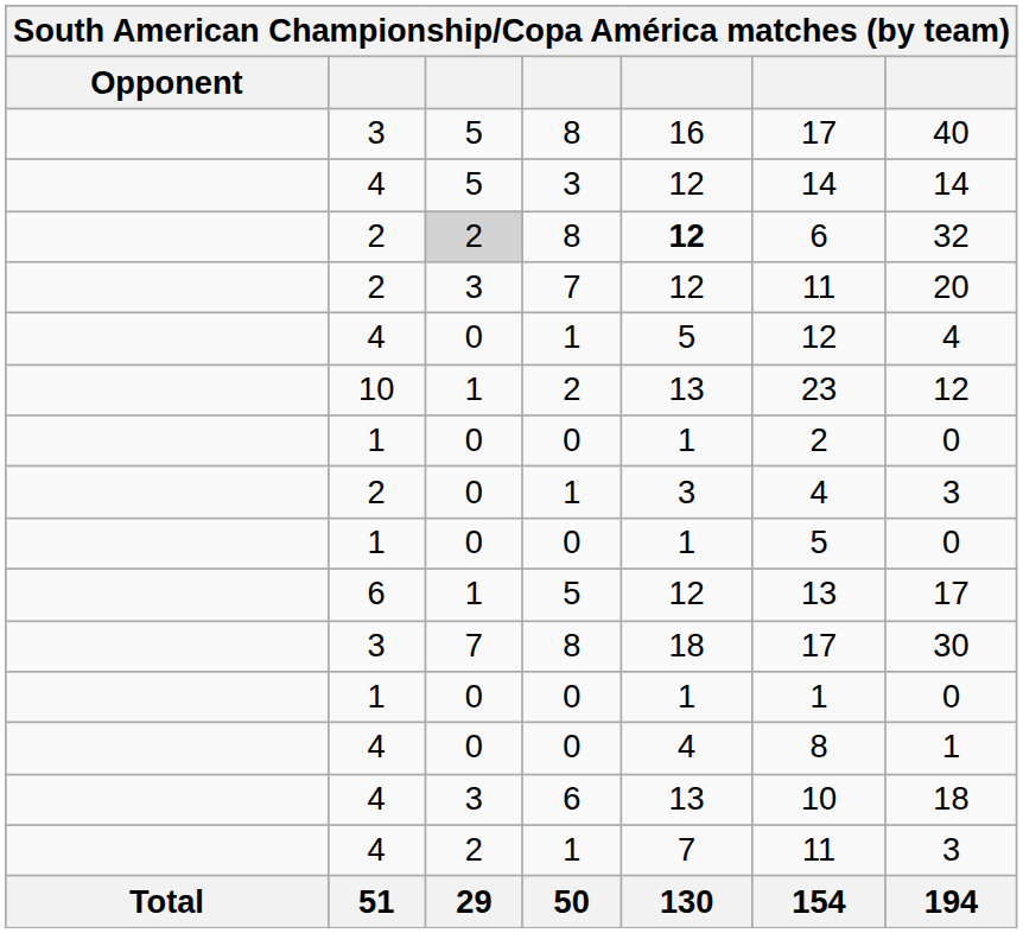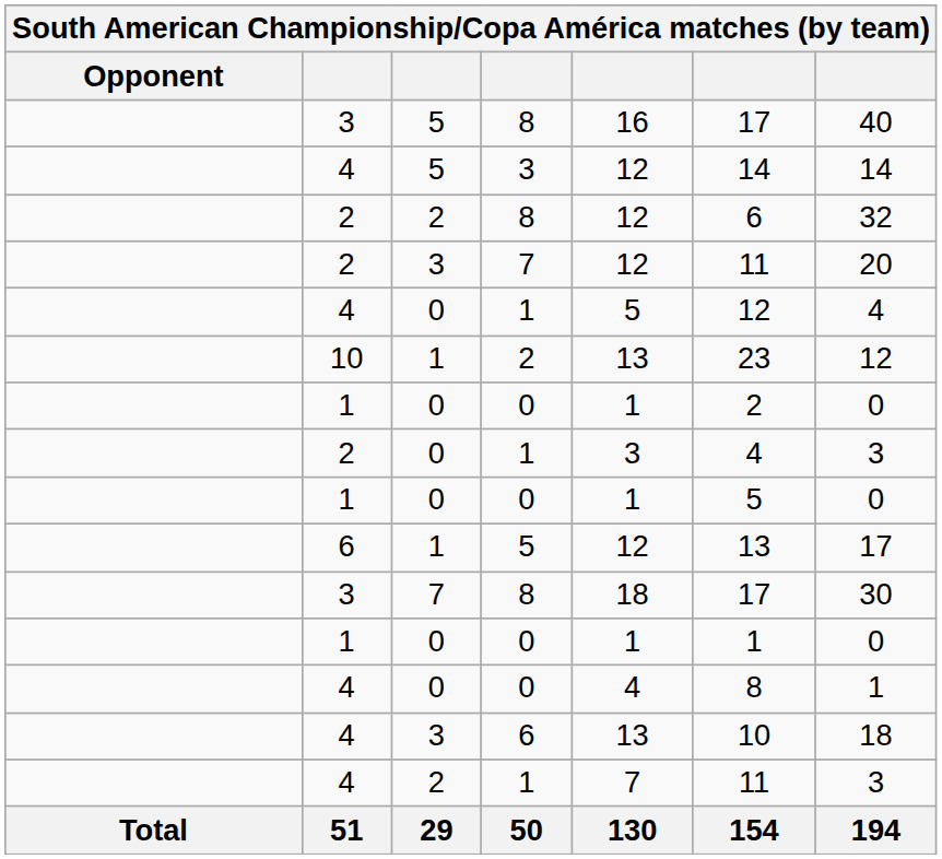 <table class="wikitable sortable" style="text-align: center;">
 <tr>
 <th colspan=7>South American Championship/Copa América matches (by team)</th>
 </tr>
 <tr>
 <th>Opponent</th>
 <th></th>
 <th></th>
 <th></th>
 <th></th>
 <th></th>
 <th></th>
 </tr>
 <tr>
 <td align="left"></td>
 <td>3</td>
 <td>5</td>
 <td>8</td>
 <td>16</td>
 <td>17</td>
 <td>40</td>
 </tr>
 <tr>
 <td align="left"></td>
 <td>4</td>
 <td>5</td>
 <td>3</td>
 <td>12</td>
 <td>14</td>
 <td>14</td>
 </tr>
 <tr>
 <td align="left"></td>
 <td>2</td>
-<td style="background: lightgrey;">2</td>
+<td>2</td>
 <td>8</td>
-<td><strong>12</strong></td>
+<td>12</td>
 <td>6</td>
 <td>32</td>
 </tr>
 <tr>
 <td align="left"></td>
 <td>2</td>
 <td>3</td>
 <td>7</td>
 <td>12</td>
 <td>11</td>
 <td>20</td>
 </tr>
 <tr>
 <td align="left"></td>
 <td>4</td>
 <td>0</td>
 <td>1</td>
 <td>5</td>
 <td>12</td>
 <td>4</td>
 </tr>
 <tr>
 <td align="left"></td>
 <td>10</td>
 <td>1</td>
 <td>2</td>
 <td>13</td>
 <td>23</td>
 <td>12</td>
 </tr>
 <tr>
 <td align="left"></td>
 <td>1</td>
 <td>0</td>
 <td>0</td>
 <td>1</td>
 <td>2</td>
 <td>0</td>
 </tr>
 <tr>
 <td align="left"></td>
 <td>2</td>
 <td>0</td>
 <td>1</td>
 <td>3</td>
 <td>4</td>
 <td>3</td>
 </tr>
 <tr>
 <td align="left"></td>
 <td>1</td>
 <td>0</td>
 <td>0</td>
 <td>1</td>
 <td>5</td>
 <td>0</td>
 </tr>
 <tr>
 <td align="left"></td>
 <td>6</td>
 <td>1</td>
 <td>5</td>
 <td>12</td>
 <td>13</td>
 <td>17</td>
 </tr>
 <tr>
 <td align="left"></td>
 <td>3</td>
 <td>7</td>
 <td>8</td>
 <td>18</td>
 <td>17</td>
 <td>30</td>
 </tr>
 <tr>
 <td align="left"></td>
 <td>1</td>
 <td>0</td>
 <td>0</td>
 <td>1</td>
 <td>1</td>
 <td>0</td>
 </tr>
 <tr>
 <td align="left"></td>
 <td>4</td>
 <td>0</td>
 <td>0</td>
 <td>4</td>
 <td>8</td>
 <td>1</td>
 </tr>
 <tr>
 <td align="left"></td>
 <td>4</td>
 <td>3</td>
 <td>6</td>
 <td>13</td>
 <td>10</td>
 <td>18</td>
 </tr>
 <tr>
 <td align="left"></td>
 <td>4</td>
 <td>2</td>
 <td>1</td>
 <td>7</td>
 <td>11</td>
 <td>3</td>
 </tr>
 <tr>
 <th align="left">Total</th>
 <th>51</th>
 <th>29</th>
 <th>50</th>
 <th>130</th>
 <th>154</th>
 <th>194</th>
 </tr>
 </table>
